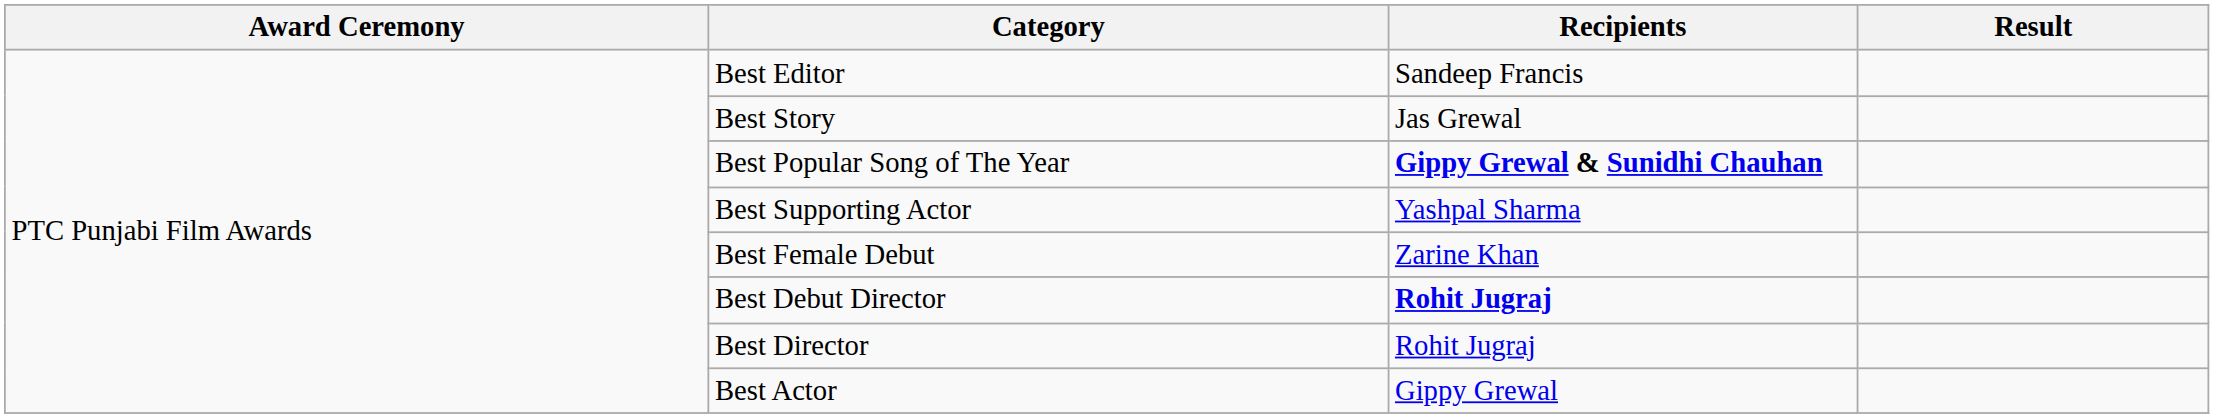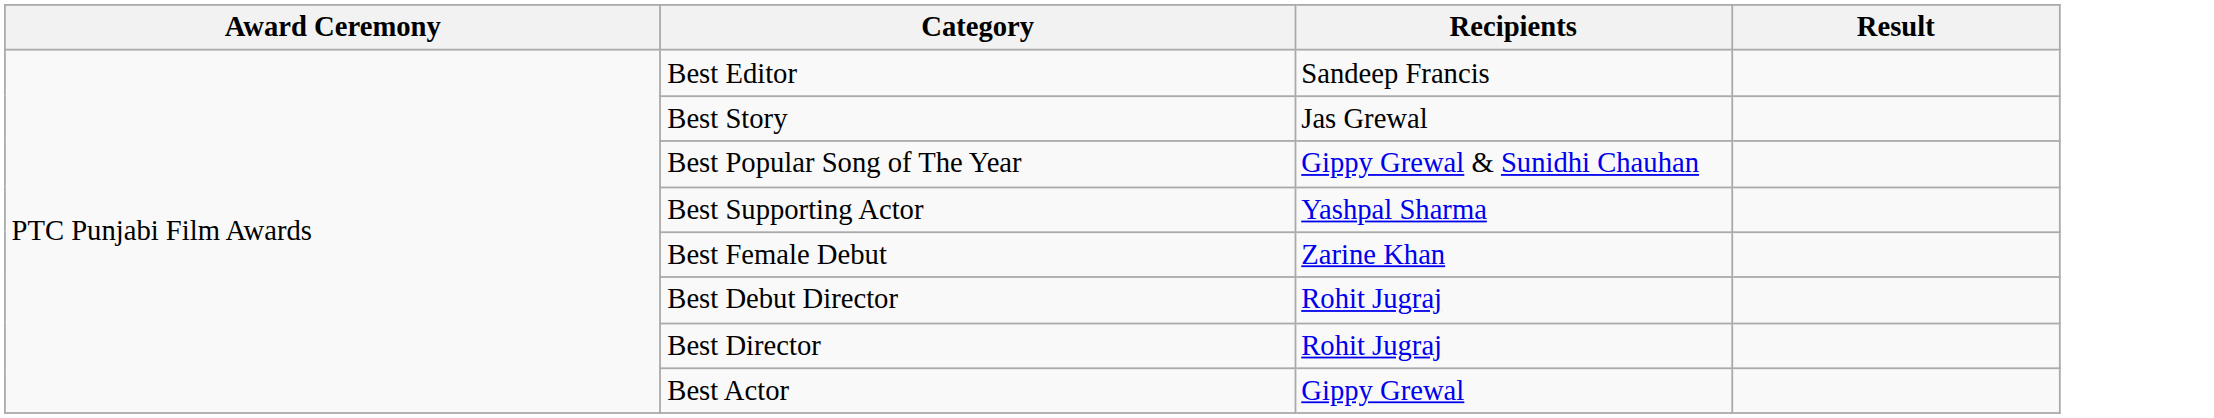 <table class="wikitable plainrowheaders">
 <tr>
 <th width=30%>Award Ceremony</th>
 <th width=29%>Category</th>
 <th width=20%>Recipients</th>
 <th width=15%>Result</th>
 </tr>
 <tr>
 <td rowspan="8">PTC Punjabi Film Awards</td>
 <td>Best Editor</td>
 <td>Sandeep Francis</td>
 <td></td>
 </tr>
 <tr>
 <td>Best Story</td>
 <td>Jas Grewal</td>
 <td></td>
 </tr>
 <tr>
 <td>Best Popular Song of The Year</td>
-<td><strong><a href='#'>Gippy Grewal</a> & <a href='#'>Sunidhi Chauhan</a></strong></td>
+<td><a href='#'>Gippy Grewal</a> & <a href='#'>Sunidhi Chauhan</a></td>
 <td></td>
 </tr>
 <tr>
 <td>Best Supporting Actor</td>
 <td><a href='#'>Yashpal Sharma</a></td>
 <td></td>
 </tr>
 <tr>
 <td>Best Female Debut</td>
 <td><a href='#'>Zarine Khan</a></td>
 <td></td>
 </tr>
 <tr>
 <td>Best Debut Director</td>
-<td><strong><a href='#'>Rohit Jugraj</a></strong></td>
+<td><a href='#'>Rohit Jugraj</a></td>
 <td></td>
 </tr>
 <tr>
 <td>Best Director</td>
 <td><a href='#'>Rohit Jugraj</a></td>
 <td></td>
 </tr>
 <tr>
 <td>Best Actor</td>
 <td><a href='#'>Gippy Grewal</a></td>
 <td></td>
 </tr>
 </table>
